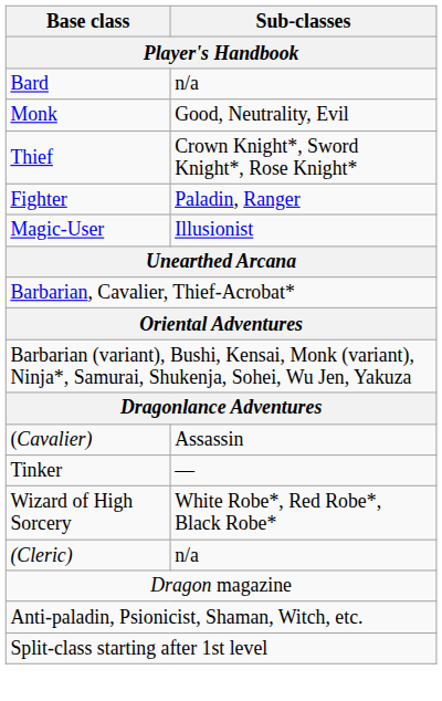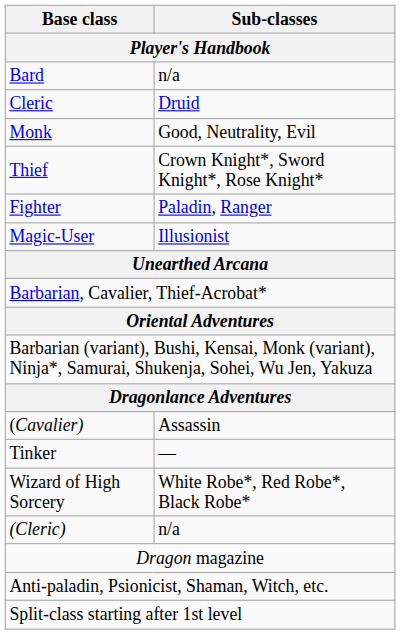 <table class="wikitable" style="width:22em; float: right">
 <tr>
 <th>Base class</th>
 <th>Sub-classes</th>
 </tr>
 <tr>
 <th colspan="2"><em>Player's Handbook</em></th>
 </tr>
 <tr>
 <td><a href='#'>Bard</a></td>
 <td>n/a</td>
+</tr>
+<tr>
+<td><a href='#'>Cleric</a></td>
+<td><a href='#'>Druid</a></td>
 </tr>
 <tr>
 <td><a href='#'>Monk</a></td>
 <td>Good, Neutrality, Evil</td>
 </tr>
 <tr>
 <td><a href='#'>Thief</a></td>
 <td>Crown Knight*, Sword Knight*, Rose Knight*</td>
 </tr>
 <tr>
 <td><a href='#'>Fighter</a></td>
 <td><a href='#'>Paladin</a>, <a href='#'>Ranger</a></td>
 </tr>
 <tr>
 <td><a href='#'>Magic-User</a></td>
 <td><a href='#'>Illusionist</a></td>
 </tr>
 <tr>
 <th colspan="2"><em>Unearthed Arcana</em></th>
 </tr>
 <tr>
 <td colspan="2"><a href='#'>Barbarian</a>, Cavalier, Thief-Acrobat*</td>
 </tr>
 <tr>
 <th colspan="2"><em>Oriental Adventures</em></th>
 </tr>
 <tr>
 <td colspan="2">Barbarian (variant), Bushi, Kensai, Monk (variant), Ninja*, Samurai, Shukenja, Sohei, Wu Jen, Yakuza</td>
 </tr>
 <tr>
 <th colspan="2"><em>Dragonlance Adventures</em></th>
 </tr>
 <tr>
 <td>(<em>Cavalier)</em></td>
 <td>Assassin</td>
 </tr>
 <tr>
 <td>Tinker</td>
 <td>―</td>
 </tr>
 <tr>
 <td>Wizard of High Sorcery</td>
 <td>White Robe*, Red Robe*, Black Robe*</td>
 </tr>
 <tr>
 <td><em>(Cleric)</em></td>
 <td>n/a</td>
 </tr>
 <tr>
 <td colspan="2" style="text-align: center"><em>Dragon</em> magazine</td>
 </tr>
 <tr>
 <td colspan="2">Anti-paladin, Psionicist, Shaman, Witch, etc.</td>
 </tr>
 <tr>
 <td colspan="2"> Split-class starting after 1st level</td>
 </tr>
 </table>
